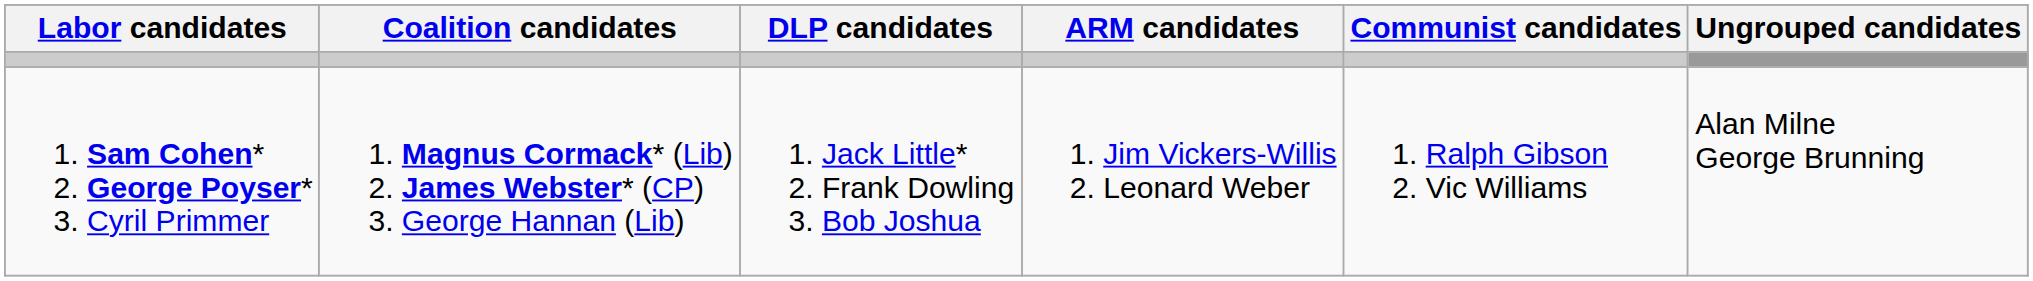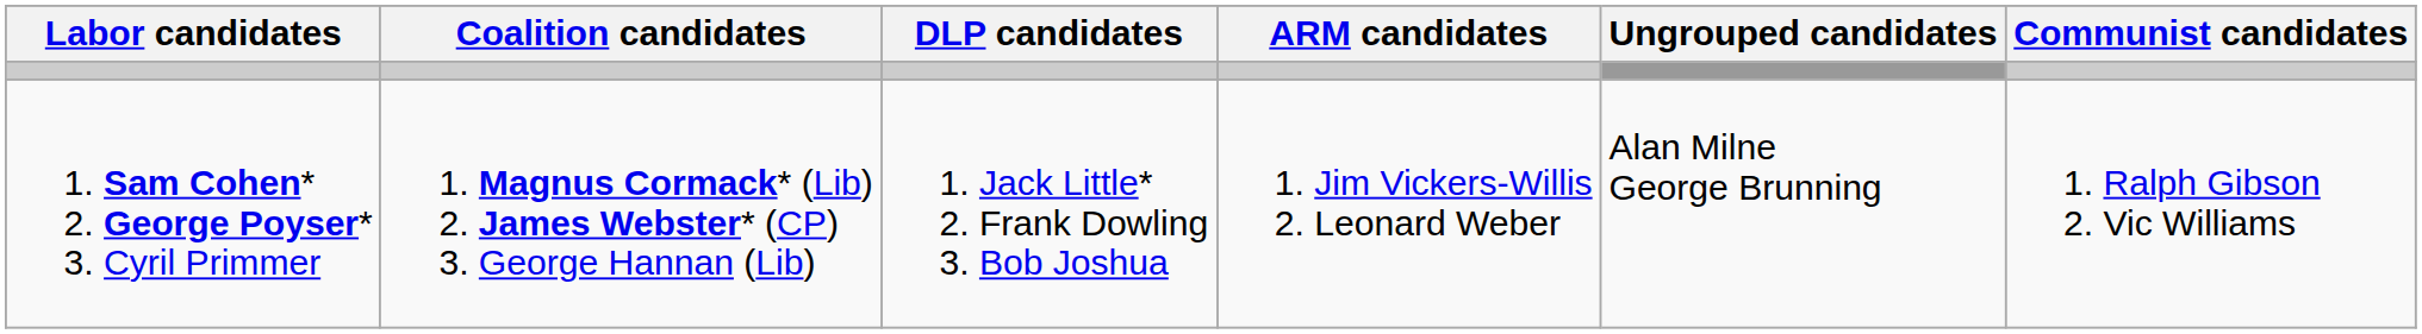 <table class="wikitable">
 <tr>
 <th><a href='#'>Labor</a> candidates</th>
 <th><a href='#'>Coalition</a> candidates</th>
 <th><a href='#'>DLP</a> candidates</th>
 <th><a href='#'>ARM</a> candidates</th>
+<th>Ungrouped candidates</th>
 <th><a href='#'>Communist</a> candidates</th>
-<th>Ungrouped candidates</th>
 </tr>
 <tr bgcolor="#cccccc">
 <td></td>
 <td></td>
 <td></td>
 <td></td>
+<td bgcolor="#999999"></td>
 <td></td>
-<td bgcolor="#999999"></td>
 </tr>
 <tr>
 <td><br><ol><li><strong><a href='#'>Sam Cohen</a></strong>*</li><li><strong><a href='#'>George Poyser</a></strong>*</li><li><a href='#'>Cyril Primmer</a></li></ol></td>
 <td><br><ol><li><strong><a href='#'>Magnus Cormack</a></strong>* (<a href='#'>Lib</a>)</li><li><strong><a href='#'>James Webster</a></strong>* (<a href='#'>CP</a>)</li><li><a href='#'>George Hannan</a> (<a href='#'>Lib</a>)</li></ol></td>
 <td><br><ol><li><a href='#'>Jack Little</a>*</li><li>Frank Dowling</li><li><a href='#'>Bob Joshua</a></li></ol></td>
 <td valign=top><br><ol><li><a href='#'>Jim Vickers-Willis</a></li><li>Leonard Weber</li></ol></td>
+<td valign=top><br>Alan Milne<br> George Brunning</td>
 <td valign=top><br><ol><li><a href='#'>Ralph Gibson</a></li><li>Vic Williams</li></ol></td>
-<td valign=top><br>Alan Milne<br> George Brunning</td>
 </tr>
 </table>
